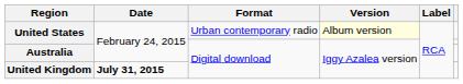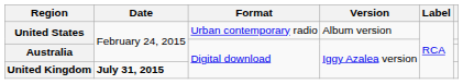 <table class="wikitable plainrowheaders">
 <tr>
 <th scope="col">Region</th>
 <th scope="col">Date</th>
 <th scope="col">Format</th>
 <th scope="col">Version</th>
 <th scope="col">Label</th>
 <th scope="col"></th>
 </tr>
 <tr>
 <th scope="row" rowspan="2">United States</th>
 <td rowspan="3">February 24, 2015</td>
 <td><a href='#'>Urban contemporary</a> radio</td>
-<td style="background: lightyellow;">Album version</td>
+<td>Album version</td>
 <td rowspan="4"><a href='#'>RCA</a></td>
 <td align="center"></td>
 </tr>
 <tr>
 <td rowspan="3"><a href='#'>Digital download</a></td>
 <td rowspan="3"><a href='#'>Iggy Azalea</a> version</td>
 <td align="center"></td>
 </tr>
 <tr>
 <th scope="row">Australia</th>
 <td align="center"></td>
 </tr>
 <tr>
 <th scope="row">United Kingdom</th>
 <td><strong>July 31, 2015</strong></td>
 <td align="center"></td>
 </tr>
 </table>
